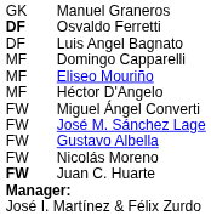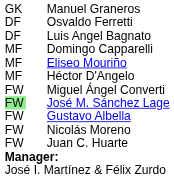 <table style="font-size: 90%; margin:0.5em auto;" cellspacing="0" cellpadding="0">
 <tr>
 <th width=25></th>
 <th width=25></th>
 </tr>
 <tr>
 <td>GK</td>
 <td></td>
 <td> Manuel Graneros</td>
 </tr>
 <tr>
-<td><strong>DF</strong></td>
+<td>DF</td>
 <td></td>
 <td> Osvaldo Ferretti</td>
 </tr>
 <tr>
 <td>DF</td>
 <td></td>
 <td> Luis Angel Bagnato</td>
 </tr>
 <tr>
 <td>MF</td>
 <td></td>
 <td> Domingo Capparelli</td>
 </tr>
 <tr>
 <td>MF</td>
 <td></td>
 <td> <a href='#'>Eliseo Mouriño</a></td>
 </tr>
 <tr>
 <td>MF</td>
 <td></td>
 <td> Héctor D'Angelo</td>
 </tr>
 <tr>
 <td>FW</td>
 <td></td>
 <td> Miguel Ángel Converti</td>
 </tr>
 <tr>
-<td>FW</td>
+<td style="background: lightgreen;">FW</td>
 <td></td>
 <td> <a href='#'>José M. Sánchez Lage</a></td>
 </tr>
 <tr>
 <td>FW</td>
 <td></td>
 <td> <a href='#'>Gustavo Albella</a></td>
 </tr>
 <tr>
 <td>FW</td>
 <td></td>
 <td> Nicolás Moreno</td>
 </tr>
 <tr>
-<td><strong>FW</strong></td>
+<td>FW</td>
 <td></td>
 <td> Juan C. Huarte</td>
 </tr>
 <tr>
 <td colspan=3><strong>Manager:</strong></td>
 </tr>
 <tr>
 <td colspan=4> José I. Martínez & Félix Zurdo</td>
 </tr>
 </table>
